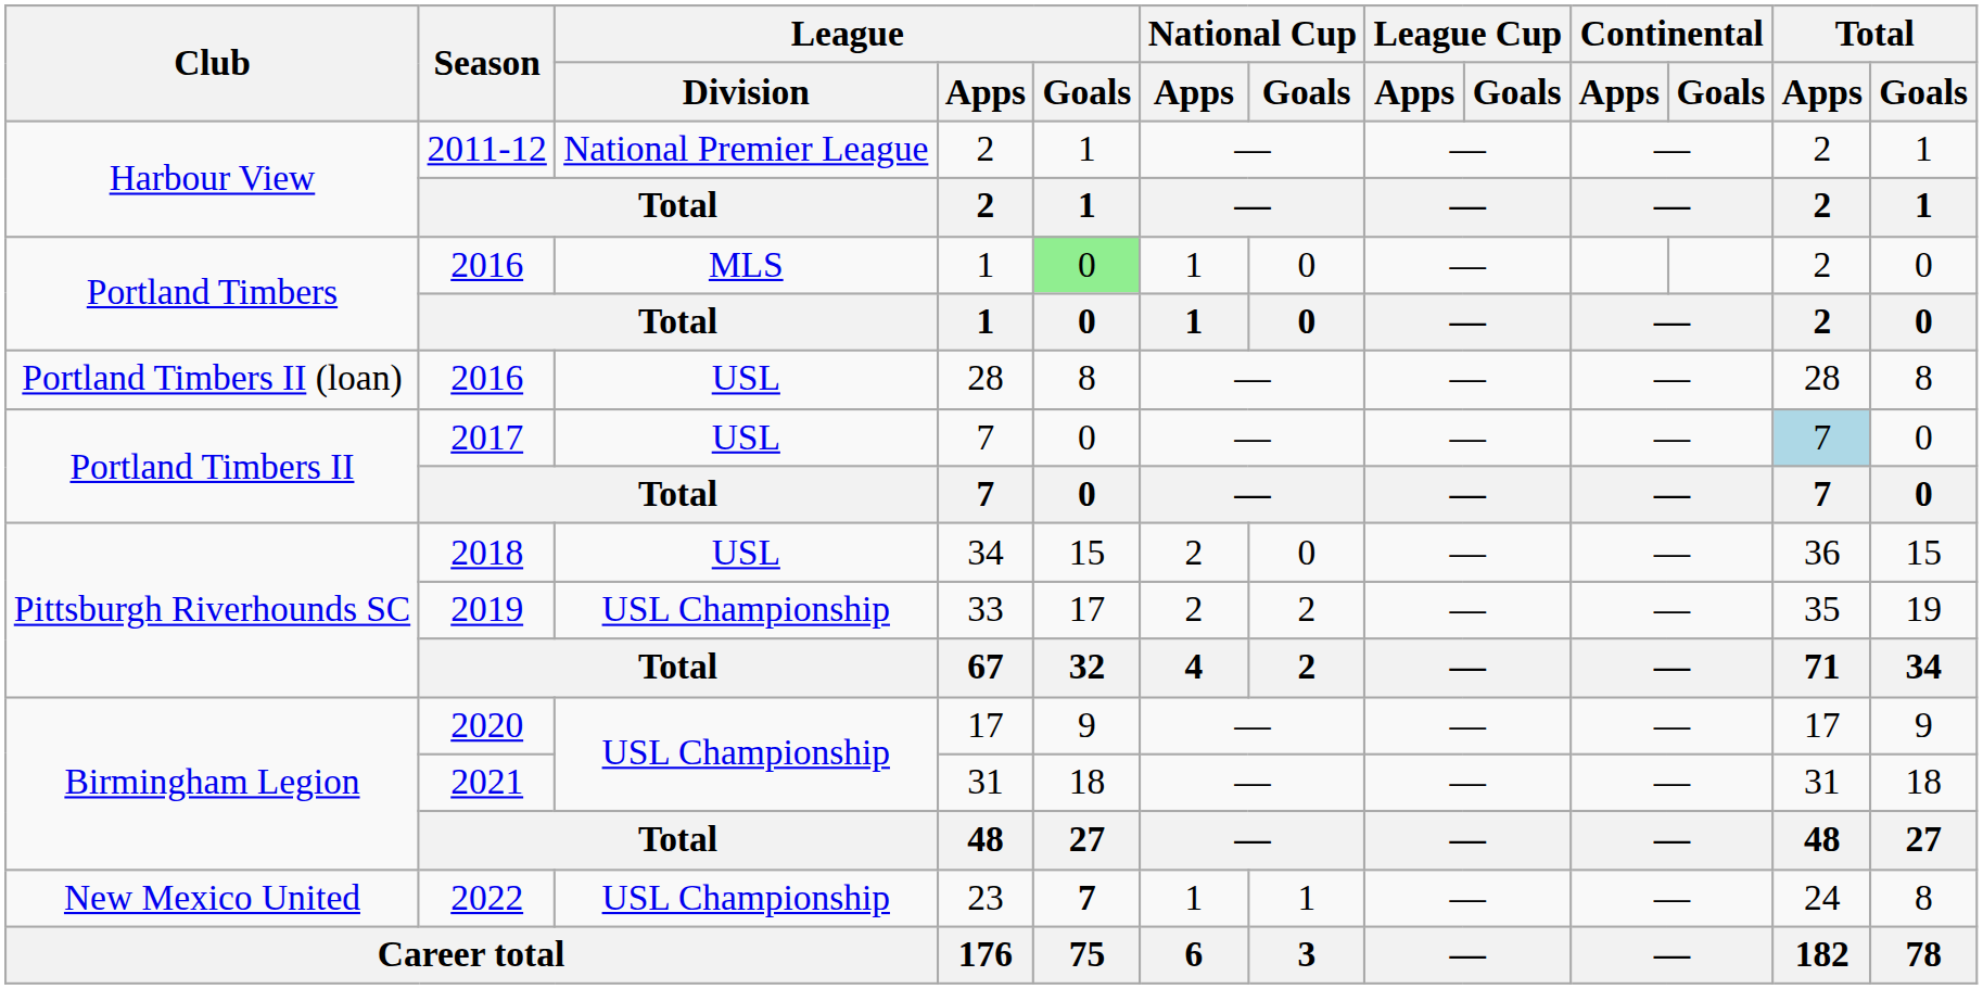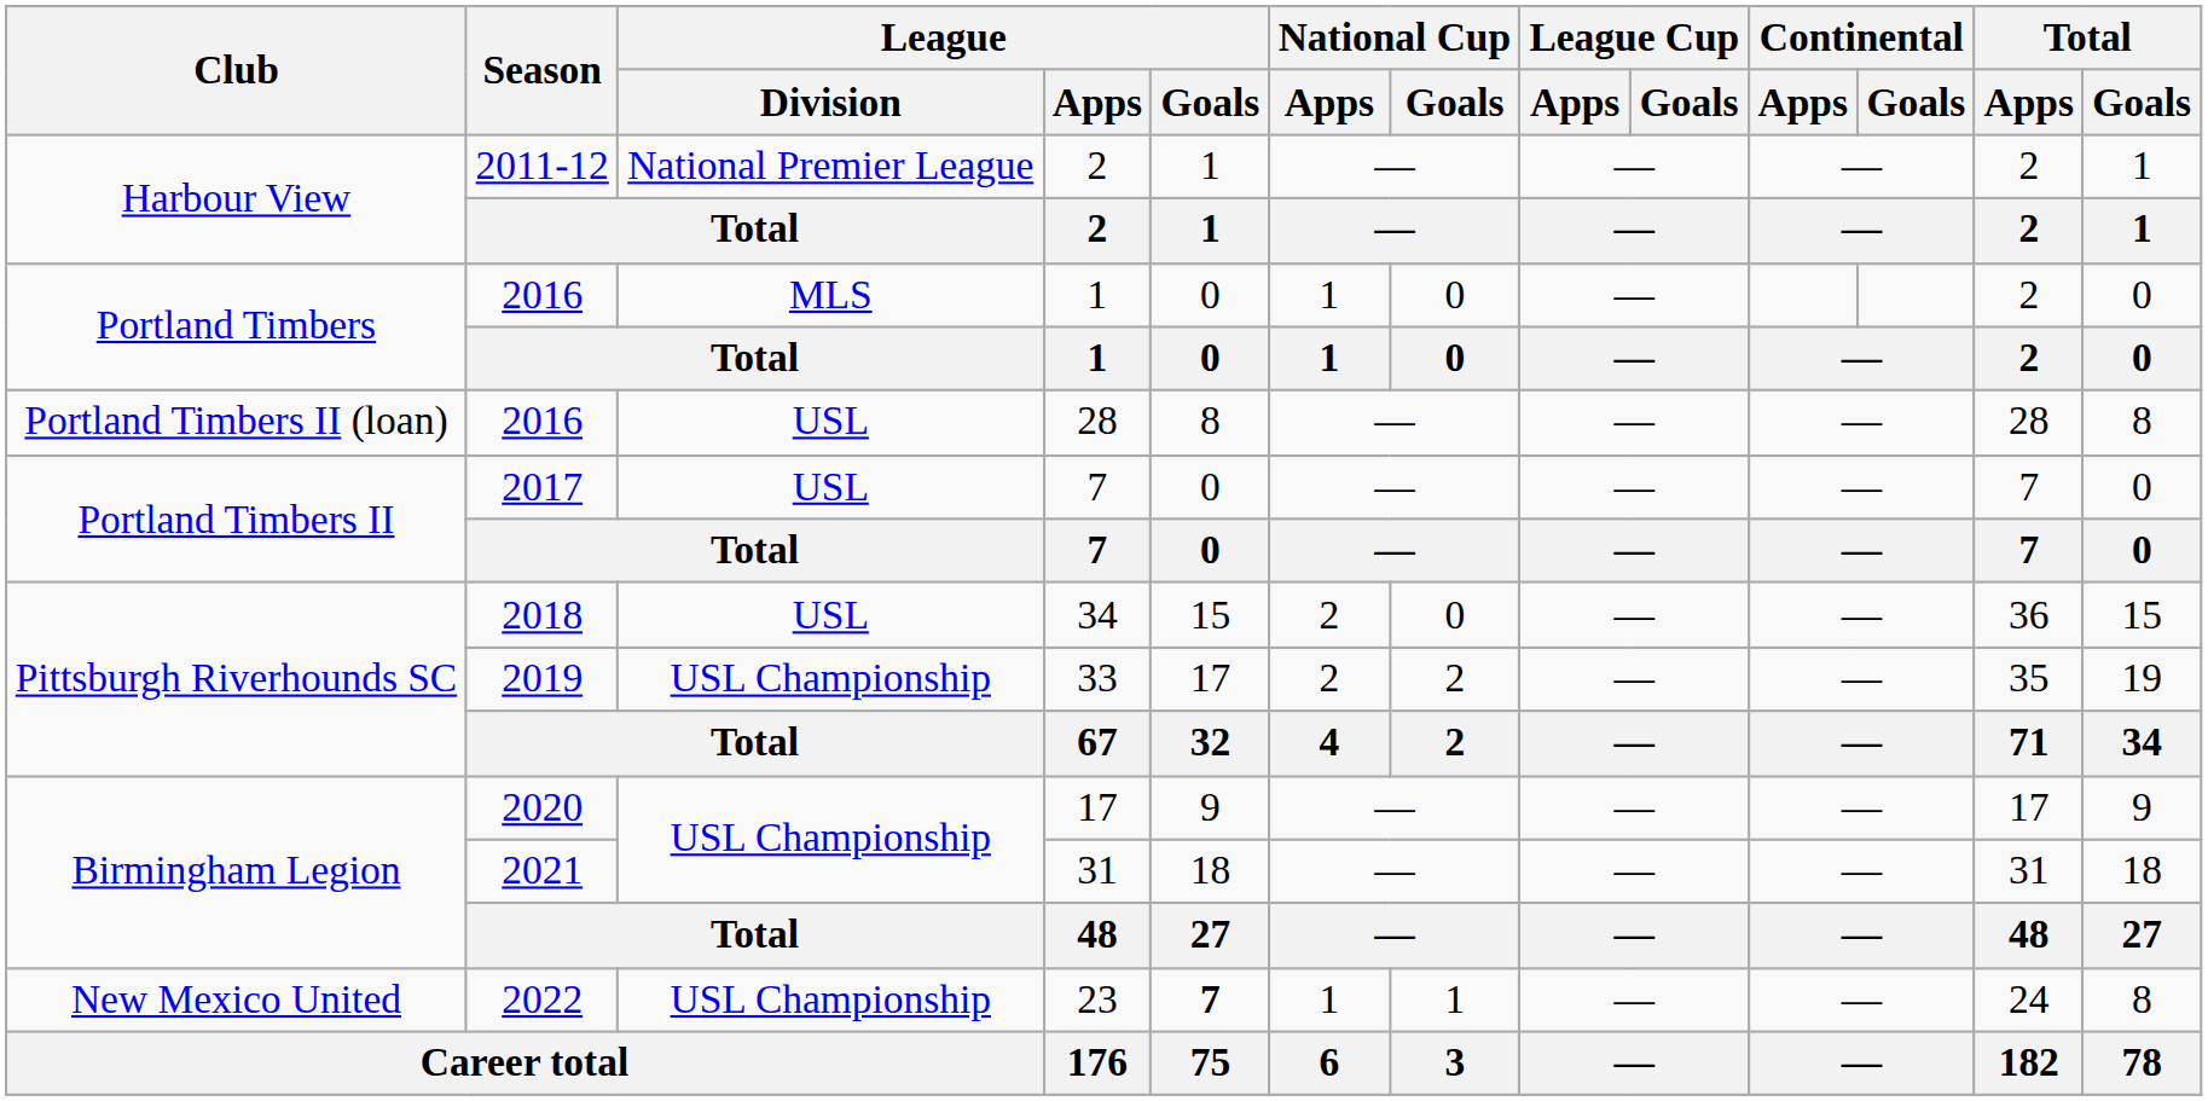 <table class="wikitable" style="text-align: center">
 <tr>
 <th rowspan="2">Club</th>
 <th rowspan="2">Season</th>
 <th colspan="3">League</th>
 <th colspan="2">National Cup</th>
 <th colspan="2">League Cup</th>
 <th colspan="2">Continental</th>
 <th colspan="2">Total</th>
 </tr>
 <tr>
 <th>Division</th>
 <th>Apps</th>
 <th>Goals</th>
 <th>Apps</th>
 <th>Goals</th>
 <th>Apps</th>
 <th>Goals</th>
 <th>Apps</th>
 <th>Goals</th>
 <th>Apps</th>
 <th>Goals</th>
 </tr>
 <tr>
 <td rowspan="2"><a href='#'>Harbour View</a></td>
 <td><a href='#'>2011-12</a></td>
 <td><a href='#'>National Premier League</a></td>
 <td>2</td>
 <td>1</td>
 <td colspan="2">—</td>
 <td colspan="2">—</td>
 <td colspan="2">—</td>
 <td>2</td>
 <td>1</td>
 </tr>
 <tr>
 <th colspan="2">Total</th>
 <th>2</th>
 <th>1</th>
 <th colspan="2">—</th>
 <th colspan="2">—</th>
 <th colspan="2">—</th>
 <th>2</th>
 <th>1</th>
 </tr>
 <tr>
 <td rowspan="2"><a href='#'>Portland Timbers</a></td>
 <td><a href='#'>2016</a></td>
 <td><a href='#'>MLS</a></td>
 <td>1</td>
-<td style="background: lightgreen;">0</td>
+<td>0</td>
 <td>1</td>
 <td>0</td>
 <td colspan="2">—</td>
 <td></td>
 <td></td>
 <td>2</td>
 <td>0</td>
 </tr>
 <tr>
 <th colspan="2">Total</th>
 <th>1</th>
 <th>0</th>
 <th>1</th>
 <th>0</th>
 <th colspan="2">—</th>
 <th colspan="2">—</th>
 <th>2</th>
 <th>0</th>
 </tr>
 <tr>
 <td><a href='#'>Portland Timbers II</a> (loan)</td>
 <td><a href='#'>2016</a></td>
 <td><a href='#'>USL</a></td>
 <td>28</td>
 <td>8</td>
 <td colspan="2">—</td>
 <td colspan="2">—</td>
 <td colspan="2">—</td>
 <td>28</td>
 <td>8</td>
 </tr>
 <tr>
 <td rowspan="2"><a href='#'>Portland Timbers II</a></td>
 <td><a href='#'>2017</a></td>
 <td><a href='#'>USL</a></td>
 <td>7</td>
 <td>0</td>
 <td colspan="2">—</td>
 <td colspan="2">—</td>
 <td colspan="2">—</td>
-<td style="background: lightblue;">7</td>
+<td>7</td>
 <td>0</td>
 </tr>
 <tr>
 <th colspan="2">Total</th>
 <th>7</th>
 <th>0</th>
 <th colspan="2">—</th>
 <th colspan="2">—</th>
 <th colspan="2">—</th>
 <th>7</th>
 <th>0</th>
 </tr>
 <tr>
 <td rowspan="3"><a href='#'>Pittsburgh Riverhounds SC</a></td>
 <td><a href='#'>2018</a></td>
 <td><a href='#'>USL</a></td>
 <td>34</td>
 <td>15</td>
 <td>2</td>
 <td>0</td>
 <td colspan="2">—</td>
 <td colspan="2">—</td>
 <td>36</td>
 <td>15</td>
 </tr>
 <tr>
 <td><a href='#'>2019</a></td>
 <td><a href='#'>USL Championship</a></td>
 <td>33</td>
 <td>17</td>
 <td>2</td>
 <td>2</td>
 <td colspan="2">—</td>
 <td colspan="2">—</td>
 <td>35</td>
 <td>19</td>
 </tr>
 <tr>
 <th colspan="2">Total</th>
 <th>67</th>
 <th>32</th>
 <th>4</th>
 <th>2</th>
 <th colspan="2">—</th>
 <th colspan="2">—</th>
 <th>71</th>
 <th>34</th>
 </tr>
 <tr>
 <td rowspan="3"><a href='#'>Birmingham Legion</a></td>
 <td><a href='#'>2020</a></td>
 <td rowspan="2"><a href='#'>USL Championship</a></td>
 <td>17</td>
 <td>9</td>
 <td colspan="2">—</td>
 <td colspan="2">—</td>
 <td colspan="2">—</td>
 <td>17</td>
 <td>9</td>
 </tr>
 <tr>
 <td><a href='#'>2021</a></td>
 <td>31</td>
 <td>18</td>
 <td colspan="2">—</td>
 <td colspan="2">—</td>
 <td colspan="2">—</td>
 <td>31</td>
 <td>18</td>
 </tr>
 <tr>
 <th colspan="2">Total</th>
 <th>48</th>
 <th>27</th>
 <th colspan="2">—</th>
 <th colspan="2">—</th>
 <th colspan="2">—</th>
 <th>48</th>
 <th>27</th>
 </tr>
 <tr>
 <td><a href='#'>New Mexico United</a></td>
 <td><a href='#'>2022</a></td>
 <td><a href='#'>USL Championship</a></td>
 <td>23</td>
 <td><strong>7</strong></td>
 <td>1</td>
 <td>1</td>
 <td colspan="2">—</td>
 <td colspan="2">—</td>
 <td>24</td>
 <td>8</td>
 </tr>
 <tr>
 <th colspan="3">Career total</th>
 <th>176</th>
 <th>75</th>
 <th>6</th>
 <th>3</th>
 <th colspan="2">—</th>
 <th colspan="2">—</th>
 <th>182</th>
 <th>78</th>
 </tr>
 </table>
